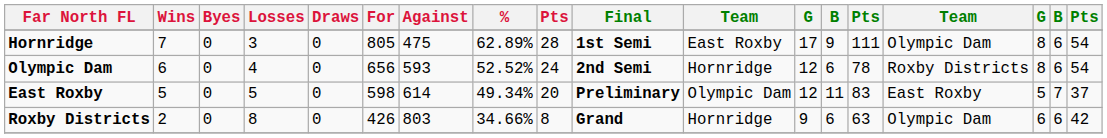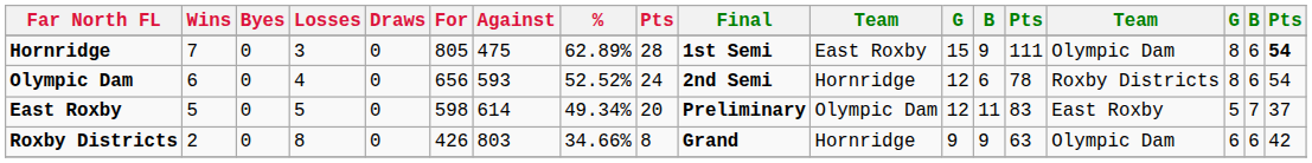 <table class="wikitable">
 <tr>
 <th style="color:crimson">Far North FL</th>
 <th style="color:crimson">Wins</th>
 <th style="color:crimson">Byes</th>
 <th style="color:crimson">Losses</th>
 <th style="color:crimson">Draws</th>
 <th style="color:crimson">For</th>
 <th style="color:crimson">Against</th>
 <th style="color:crimson">%</th>
 <th style="color:crimson">Pts</th>
 <th style="color:green">Final</th>
 <th style="color:green">Team</th>
 <th style="color:green">G</th>
 <th style="color:green">B</th>
 <th style="color:green">Pts</th>
 <th style="color:green">Team</th>
 <th style="color:green">G</th>
 <th style="color:green">B</th>
 <th style="color:green">Pts</th>
 </tr>
 <tr>
 </tr>
 <tr>
 </tr>
 <tr>
 <td><strong>	Hornridge	</strong></td>
 <td>7</td>
 <td>0</td>
 <td>3</td>
 <td>0</td>
 <td>805</td>
 <td>475</td>
 <td>62.89%</td>
 <td>28</td>
 <td><strong>1st Semi</strong></td>
 <td>East Roxby</td>
-<td>17</td>
+<td>15</td>
 <td>9</td>
 <td>111</td>
 <td>Olympic Dam</td>
 <td>8</td>
 <td>6</td>
-<td>54</td>
+<td><strong>54</strong></td>
 </tr>
 <tr>
 <td><strong>	Olympic Dam	</strong></td>
 <td>6</td>
 <td>0</td>
 <td>4</td>
 <td>0</td>
 <td>656</td>
 <td>593</td>
 <td>52.52%</td>
 <td>24</td>
 <td><strong>2nd Semi</strong></td>
 <td>Hornridge</td>
 <td>12</td>
 <td>6</td>
 <td>78</td>
 <td>Roxby Districts</td>
 <td>8</td>
 <td>6</td>
 <td>54</td>
 </tr>
 <tr>
 <td><strong>	East Roxby	</strong></td>
 <td>5</td>
 <td>0</td>
 <td>5</td>
 <td>0</td>
 <td>598</td>
 <td>614</td>
 <td>49.34%</td>
 <td>20</td>
 <td><strong>Preliminary</strong></td>
 <td>Olympic Dam</td>
 <td>12</td>
 <td>11</td>
 <td>83</td>
 <td>East Roxby</td>
 <td>5</td>
 <td>7</td>
 <td>37</td>
 </tr>
 <tr>
 <td><strong>	Roxby Districts	</strong></td>
 <td>2</td>
 <td>0</td>
 <td>8</td>
 <td>0</td>
 <td>426</td>
 <td>803</td>
 <td>34.66%</td>
 <td>8</td>
 <td><strong>Grand</strong></td>
 <td>Hornridge</td>
 <td>9</td>
-<td>6</td>
+<td>9</td>
 <td>63</td>
 <td>Olympic Dam</td>
 <td>6</td>
 <td>6</td>
 <td>42</td>
 </tr>
 <tr>
 </tr>
 <tr>
 </tr>
 </table>
